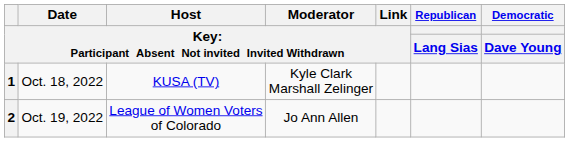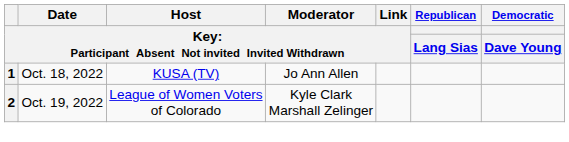 <table class="wikitable" style="text-align:center;">
 <tr>
 <th scope="col"></th>
 <th scope="col">Date</th>
 <th scope="col">Host</th>
 <th scope="col">Moderator</th>
 <th scope="col">Link</th>
 <th scope="col"><small><a href='#'>Republican</a></small></th>
 <th scope="col"><small><a href='#'>Democratic</a></small></th>
 </tr>
 <tr>
 <th colspan="5" rowspan="2">Key:<br> <small>Participant </small>  <small>Absent </small>  <small>Not invited </small>  <small>Invited  Withdrawn</small></th>
 <th scope="col" style="background:"></th>
 <th scope="col" style="background:"></th>
 </tr>
 <tr>
 <th scope="col"><a href='#'>Lang Sias</a></th>
 <th scope="col"><a href='#'>Dave Young</a></th>
 </tr>
 <tr>
 <th>1</th>
 <td style="white-space:nowrap;">Oct. 18, 2022</td>
 <td style="white-space:nowrap;"><a href='#'>KUSA (TV)</a></td>
-<td style="white-space:nowrap;">Kyle Clark<br>Marshall Zelinger</td>
+<td style="white-space:nowrap;">Jo Ann Allen</td>
 <td style="white-space:nowrap;"></td>
 <td></td>
 <td></td>
 </tr>
 <tr>
 <th>2</th>
 <td style="white-space:nowrap;">Oct. 19, 2022</td>
 <td style="white-space:nowrap;"><a href='#'>League of Women Voters</a><br>of Colorado</td>
-<td style="white-space:nowrap;">Jo Ann Allen</td>
+<td style="white-space:nowrap;">Kyle Clark<br>Marshall Zelinger</td>
 <td style="white-space:nowrap;"></td>
 <td></td>
 <td></td>
 </tr>
 </table>
